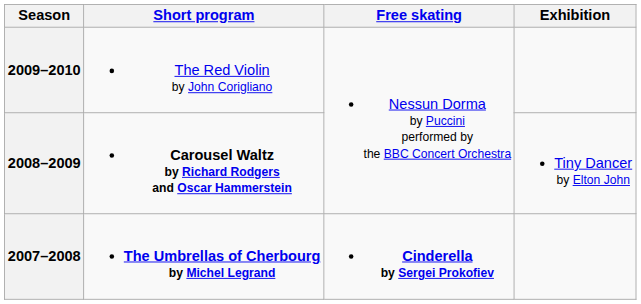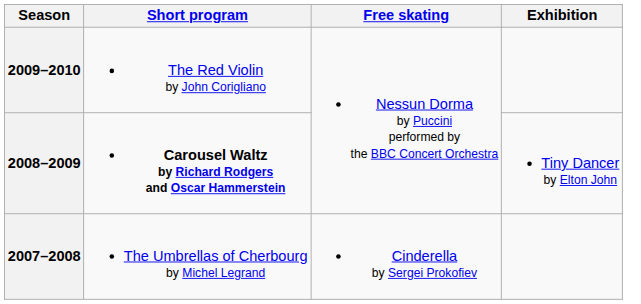 <table class="wikitable" style="text-align:center">
 <tr>
 <th>Season</th>
 <th><a href='#'>Short program</a></th>
 <th><a href='#'>Free skating</a></th>
 <th>Exhibition</th>
 </tr>
 <tr>
 <th>2009–2010 <br> </th>
 <td><br><ul><li><a href='#'>The Red Violin</a> <br><small> by <a href='#'>John Corigliano</a> </small></li></ul></td>
 <td rowspan=2><br><ul><li><a href='#'>Nessun Dorma</a> <br><small> by <a href='#'>Puccini</a> <br> performed by <br> the <a href='#'>BBC Concert Orchestra</a> </small></li></ul></td>
 <td></td>
 </tr>
 <tr>
 <th>2008–2009 <br> </th>
 <td><strong><br><ul><li>Carousel Waltz <br><small> by <a href='#'>Richard Rodgers</a> <br> and <a href='#'>Oscar Hammerstein</a> </small></li></ul></strong></td>
 <td><br><ul><li><a href='#'>Tiny Dancer</a> <br><small> by <a href='#'>Elton John</a> </small></li></ul></td>
 </tr>
 <tr>
 <th>2007–2008</th>
-<td><strong><br><ul><li><a href='#'>The Umbrellas of Cherbourg</a> <br><small> by <a href='#'>Michel Legrand</a> </small></li></ul></strong></td>
-<td><strong><br><ul><li><a href='#'>Cinderella</a> <br><small> by <a href='#'>Sergei Prokofiev</a> </small></li></ul></strong></td>
+<td><br><ul><li><a href='#'>The Umbrellas of Cherbourg</a> <br><small> by <a href='#'>Michel Legrand</a> </small></li></ul></td>
+<td><br><ul><li><a href='#'>Cinderella</a> <br><small> by <a href='#'>Sergei Prokofiev</a> </small></li></ul></td>
 <td></td>
 </tr>
 </table>
